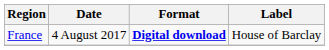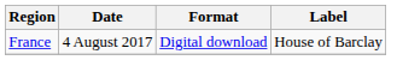 <table class=wikitable>
 <tr>
 <th>Region</th>
 <th>Date</th>
 <th>Format</th>
 <th>Label</th>
 </tr>
 <tr>
 <td><a href='#'>France</a></td>
 <td>4 August 2017</td>
-<td><strong><a href='#'>Digital download</a></strong></td>
+<td><a href='#'>Digital download</a></td>
 <td>House of Barclay</td>
 </tr>
 <tr>
 </tr>
 </table>
